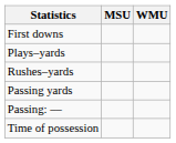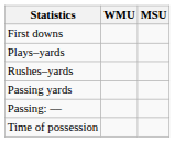 <table class="wikitable" style="float:left">
 <tr>
 <th>Statistics</th>
+<th>WMU</th>
 <th>MSU</th>
-<th>WMU</th>
 </tr>
 <tr>
 <td>First downs</td>
 <td></td>
 <td></td>
 </tr>
 <tr>
 <td>Plays–yards</td>
 <td></td>
 <td></td>
 </tr>
 <tr>
 <td>Rushes–yards</td>
 <td></td>
 <td></td>
 </tr>
 <tr>
 <td>Passing yards</td>
 <td></td>
 <td></td>
 </tr>
 <tr>
 <td>Passing: ––</td>
 <td></td>
 <td></td>
 </tr>
 <tr>
 <td>Time of possession</td>
 <td></td>
 <td></td>
 </tr>
 </table>
